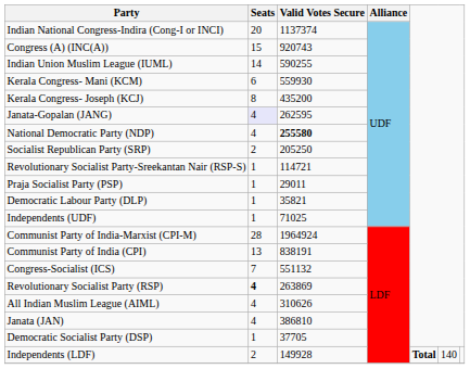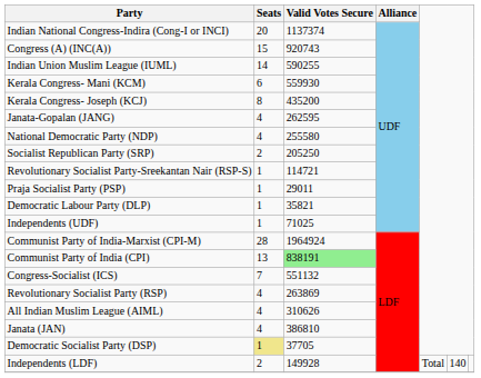 <table class="wikitable sortable">
 <tr>
 <th>Party</th>
 <th>Seats</th>
 <th><strong> Valid Votes Secure</strong></th>
 <th>Alliance</th>
 </tr>
 <tr>
 <td>Indian National Congress-Indira (Cong-I or INCI)</td>
 <td>20</td>
 <td>1137374</td>
 <td rowspan="12" style="background:skyblue; color:black;">UDF</td>
 </tr>
 <tr>
 <td>Congress (A) (INC(A))</td>
 <td>15</td>
 <td>920743</td>
 </tr>
 <tr>
 <td>Indian Union Muslim League (IUML)</td>
 <td>14</td>
 <td>590255</td>
 </tr>
 <tr>
 <td>Kerala Congress- Mani (KCM)</td>
 <td>6</td>
 <td>559930</td>
 </tr>
 <tr>
 <td>Kerala Congress- Joseph (KCJ)</td>
 <td>8</td>
 <td>435200</td>
 </tr>
 <tr>
 <td>Janata-Gopalan (JANG)</td>
-<td style="background: lavender;">4</td>
+<td>4</td>
 <td>262595</td>
 </tr>
 <tr>
 <td>National Democratic Party (NDP)</td>
 <td>4</td>
-<td><strong>255580</strong></td>
+<td>255580</td>
 </tr>
 <tr>
 <td>Socialist Republican Party (SRP)</td>
 <td>2</td>
 <td>205250</td>
 </tr>
 <tr>
 <td>Revolutionary Socialist Party-Sreekantan Nair (RSP-S)</td>
 <td>1</td>
 <td>114721</td>
 </tr>
 <tr>
 <td>Praja Socialist Party (PSP)</td>
 <td>1</td>
 <td>29011</td>
 </tr>
 <tr>
 <td>Democratic Labour Party (DLP)</td>
 <td>1</td>
 <td>35821</td>
 </tr>
 <tr>
 <td>Independents (UDF)</td>
 <td>1</td>
 <td>71025</td>
 </tr>
 <tr>
 <td>Communist Party of India-Marxist (CPI-M)</td>
 <td>28</td>
 <td>1964924</td>
 <td rowspan="8" style="background:#f00; color:black;">LDF</td>
 </tr>
 <tr>
 <td>Communist Party of India (CPI)</td>
 <td>13</td>
-<td>838191</td>
+<td style="background: lightgreen;">838191</td>
 </tr>
 <tr>
 <td>Congress-Socialist (ICS)</td>
 <td>7</td>
 <td>551132</td>
 </tr>
 <tr>
 <td>Revolutionary Socialist Party (RSP)</td>
-<td><strong>4</strong></td>
+<td>4</td>
 <td>263869</td>
 </tr>
 <tr>
 <td>All Indian Muslim League (AIML)</td>
 <td>4</td>
 <td>310626</td>
 </tr>
 <tr>
 <td>Janata (JAN)</td>
 <td>4</td>
 <td>386810</td>
 </tr>
 <tr>
 <td>Democratic Socialist Party (DSP)</td>
-<td>1</td>
+<td style="background: khaki;">1</td>
 <td>37705</td>
 </tr>
 <tr>
 <td>Independents (LDF)</td>
 <td>2</td>
 <td>149928</td>
-<td><strong>Total</strong></td>
+<td>Total</td>
 <td>140</td>
 <td colspan="2"></td>
 </tr>
 <tr>
 </tr>
 </table>
